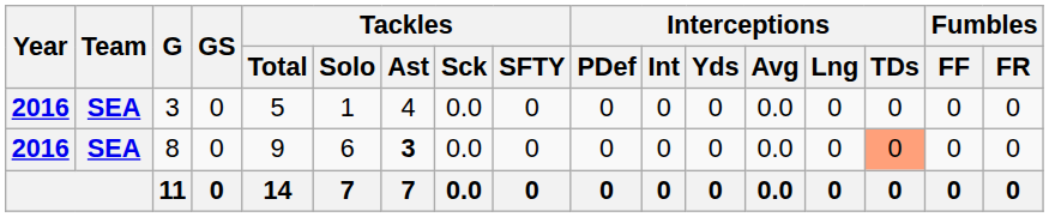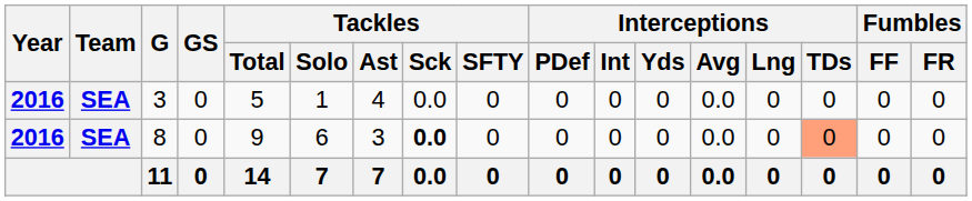 <table class="wikitable" style="text-align: center;">
 <tr>
 <th rowspan=2>Year</th>
 <th rowspan=2>Team</th>
 <th rowspan=2>G</th>
 <th rowspan=2>GS</th>
 <th colspan=5>Tackles</th>
 <th colspan=6>Interceptions</th>
 <th colspan=2>Fumbles</th>
 </tr>
 <tr>
 <th>Total</th>
 <th>Solo</th>
 <th>Ast</th>
 <th>Sck</th>
 <th>SFTY</th>
 <th>PDef</th>
 <th>Int</th>
 <th>Yds</th>
 <th>Avg</th>
 <th>Lng</th>
 <th>TDs</th>
 <th>FF</th>
 <th>FR</th>
 </tr>
 <tr>
 <th><a href='#'>2016</a></th>
 <th><a href='#'>SEA</a></th>
 <td>3</td>
 <td>0</td>
 <td>5</td>
 <td>1</td>
 <td>4</td>
 <td>0.0</td>
 <td>0</td>
 <td>0</td>
 <td>0</td>
 <td>0</td>
 <td>0.0</td>
 <td>0</td>
 <td>0</td>
 <td>0</td>
 <td>0</td>
 </tr>
 <tr>
 <th><a href='#'>2016</a></th>
 <th><a href='#'>SEA</a></th>
 <td>8</td>
 <td>0</td>
 <td>9</td>
 <td>6</td>
-<td><strong>3</strong></td>
-<td>0.0</td>
+<td>3</td>
+<td><strong>0.0</strong></td>
 <td>0</td>
 <td>0</td>
 <td>0</td>
 <td>0</td>
 <td>0.0</td>
 <td>0</td>
 <td style="background: lightsalmon;">0</td>
 <td>0</td>
 <td>0</td>
 </tr>
 <tr>
 <th colspan=2></th>
 <th>11</th>
 <th>0</th>
 <th>14</th>
 <th>7</th>
 <th>7</th>
 <th>0.0</th>
 <th>0</th>
 <th>0</th>
 <th>0</th>
 <th>0</th>
 <th>0.0</th>
 <th>0</th>
 <th>0</th>
 <th>0</th>
 <th>0</th>
 </tr>
 </table>
